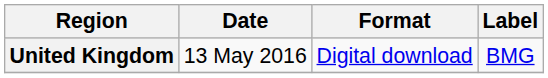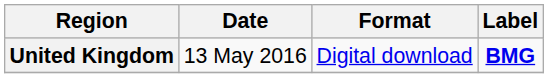 <table class="wikitable plainrowheaders" style="text-align:center">
 <tr>
 <th scope="col">Region</th>
 <th scope="col">Date</th>
 <th scope="col">Format</th>
 <th scope="col">Label</th>
 </tr>
 <tr>
 <th scope="row">United Kingdom</th>
 <td>13 May 2016</td>
 <td><a href='#'>Digital download</a></td>
-<td><a href='#'>BMG</a></td>
+<td><strong><a href='#'>BMG</a></strong></td>
 </tr>
 <tr>
 </tr>
 </table>
